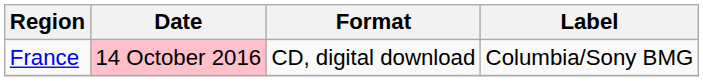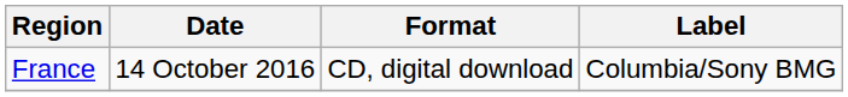 <table class=wikitable>
 <tr>
 <th>Region</th>
 <th>Date</th>
 <th>Format</th>
 <th>Label</th>
 </tr>
 <tr>
 <td><a href='#'>France</a></td>
-<td style="background: pink;">14 October 2016</td>
+<td>14 October 2016</td>
 <td>CD, digital download</td>
 <td>Columbia/Sony BMG</td>
 </tr>
 <tr>
 </tr>
 </table>
